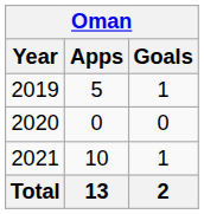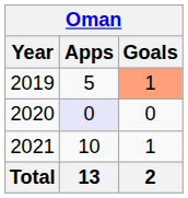 <table class="wikitable" style="text-align:center">
 <tr>
 <th colspan="3"><a href='#'>Oman</a></th>
 </tr>
 <tr>
 <th>Year</th>
 <th>Apps</th>
 <th>Goals</th>
 </tr>
 <tr>
 <td>2019</td>
 <td>5</td>
-<td>1</td>
+<td style="background: lightsalmon;">1</td>
 </tr>
 <tr>
 <td>2020</td>
-<td>0</td>
+<td style="background: lavender;">0</td>
 <td>0</td>
 </tr>
 <tr>
 <td>2021</td>
 <td>10</td>
 <td>1</td>
 </tr>
 <tr>
 <th>Total</th>
 <th>13</th>
 <th>2</th>
 </tr>
 </table>
